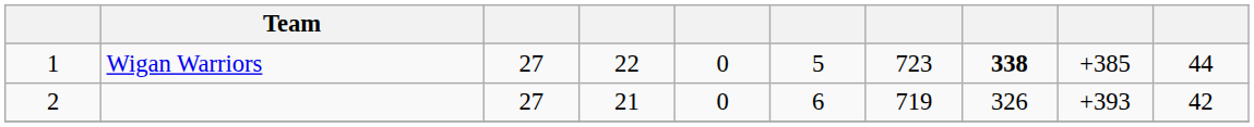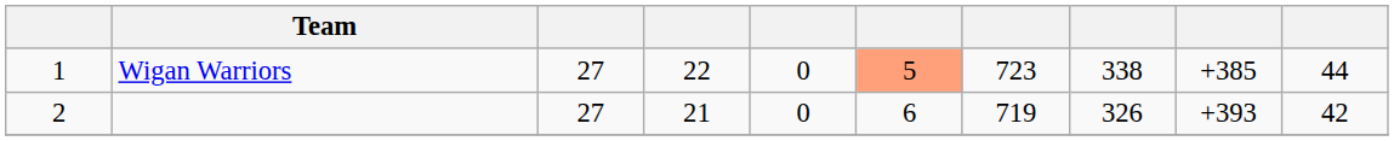 <table class="wikitable" style="text-align:center;">
 <tr>
 <th style="width:5%;"></th>
 <th style="width:20%;">Team</th>
 <th style="width:5%;"></th>
 <th style="width:5%;"></th>
 <th style="width:5%;"></th>
 <th style="width:5%;"></th>
 <th style="width:5%;"></th>
 <th style="width:5%;"></th>
 <th style="width:5%;"></th>
 <th style="width:5%;"></th>
 </tr>
 <tr>
 <td>1</td>
 <td style="text-align: left;"> <a href='#'>Wigan Warriors</a></td>
 <td>27</td>
 <td>22</td>
 <td>0</td>
-<td>5</td>
+<td style="background: lightsalmon;">5</td>
 <td>723</td>
-<td><strong>338</strong></td>
+<td>338</td>
 <td>+385</td>
 <td>44</td>
 </tr>
 <tr>
 <td>2</td>
 <td style="text-align: left;"></td>
 <td>27</td>
 <td>21</td>
 <td>0</td>
 <td>6</td>
 <td>719</td>
 <td>326</td>
 <td>+393</td>
 <td>42</td>
 </tr>
 <tr>
 </tr>
 </table>
